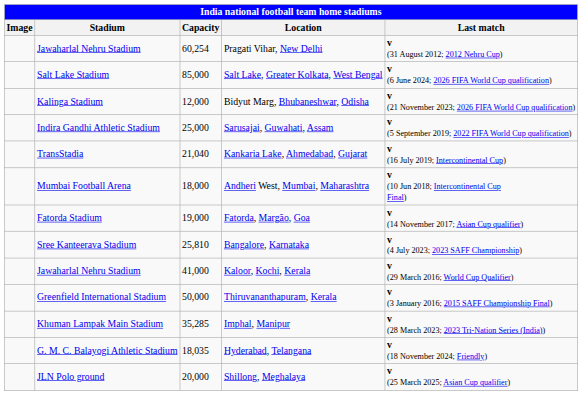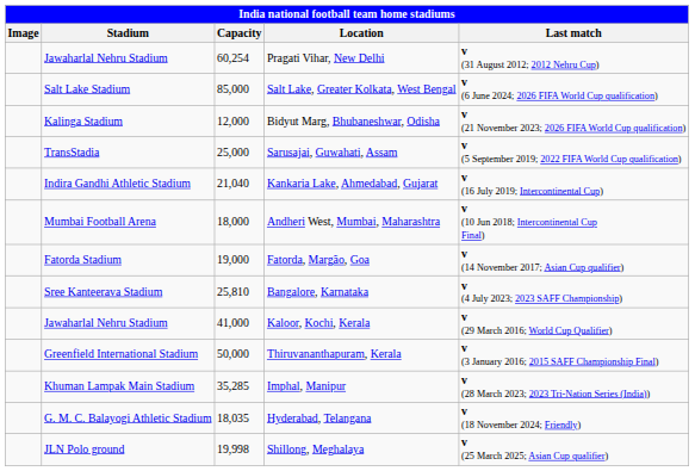 <table class="wikitable" style="text-align:center;font-size:100%;">
 <tr>
 <th colspan=5 style="background: #0000FF; color: #FFFFFF;">India national football team home stadiums</th>
 </tr>
 <tr>
 <th>Image</th>
 <th>Stadium</th>
 <th>Capacity</th>
 <th>Location</th>
 <th>Last match</th>
 </tr>
 <tr>
 <td></td>
 <td style="text-align:left"><a href='#'>Jawaharlal Nehru Stadium</a></td>
 <td style="text-align:left">60,254</td>
 <td style="text-align:left">Pragati Vihar, <a href='#'>New Delhi</a></td>
 <td style="text-align:left"><strong>v</strong>  <br><small>(31 August 2012; <a href='#'>2012 Nehru Cup</a>)</small></td>
 </tr>
 <tr>
 <td></td>
 <td style="text-align:left"><a href='#'>Salt Lake Stadium</a></td>
 <td style="text-align:left">85,000</td>
 <td style="text-align:left"><a href='#'>Salt Lake</a>, <a href='#'>Greater Kolkata</a>, <a href='#'>West Bengal</a></td>
 <td style="text-align:left"><strong>v</strong>  <br><small>(6 June 2024; <a href='#'>2026 FIFA World Cup qualification</a>)</small></td>
 </tr>
 <tr>
 <td></td>
 <td style="text-align:left"><a href='#'>Kalinga Stadium</a></td>
 <td style="text-align:left">12,000</td>
 <td style="text-align:left">Bidyut Marg, <a href='#'>Bhubaneshwar</a>, <a href='#'>Odisha</a></td>
 <td style="text-align:left"><strong>v</strong>  <br><small>(21 November 2023; <a href='#'>2026 FIFA World Cup qualification</a>)</small></td>
 </tr>
 <tr>
 <td></td>
-<td style="text-align:left"><a href='#'>Indira Gandhi Athletic Stadium</a></td>
+<td style="text-align:left"><a href='#'>TransStadia</a></td>
 <td style="text-align:left">25,000</td>
 <td style="text-align:left"><a href='#'>Sarusajai</a>, <a href='#'>Guwahati</a>, <a href='#'>Assam</a></td>
 <td style="text-align:left"><strong>v</strong>  <br><small>(5 September 2019; <a href='#'>2022 FIFA World Cup qualification</a>)</small></td>
 </tr>
 <tr>
 <td></td>
-<td style="text-align:left"><a href='#'>TransStadia</a></td>
+<td style="text-align:left"><a href='#'>Indira Gandhi Athletic Stadium</a></td>
 <td style="text-align:left">21,040</td>
 <td style="text-align:left"><a href='#'>Kankaria Lake</a>, <a href='#'>Ahmedabad</a>, <a href='#'>Gujarat</a></td>
 <td style="text-align:left"><strong>v</strong>  <br><small>(16 July 2019; <a href='#'>Intercontinental Cup</a>)</small></td>
 </tr>
 <tr>
 <td></td>
 <td style="text-align:left"><a href='#'>Mumbai Football Arena</a></td>
 <td style="text-align:left">18,000</td>
 <td style="text-align:left"><a href='#'>Andheri</a> West, <a href='#'>Mumbai</a>, <a href='#'>Maharashtra</a></td>
 <td style="text-align:left"><strong>v</strong>  <br><small>(10 Jun 2018; <a href='#'>Intercontinental Cup <br> Final</a>)</small></td>
 </tr>
 <tr>
 <td></td>
 <td style="text-align:left"><a href='#'>Fatorda Stadium</a></td>
 <td style="text-align:left">19,000</td>
 <td style="text-align:left"><a href='#'>Fatorda</a>, <a href='#'>Margão</a>, <a href='#'>Goa</a></td>
 <td style="text-align:left"><strong>v</strong>  <br><small>(14 November 2017; <a href='#'>Asian Cup qualifier</a>)</small></td>
 </tr>
 <tr>
 <td></td>
 <td style="text-align:left"><a href='#'>Sree Kanteerava Stadium</a></td>
 <td style="text-align:left">25,810</td>
 <td style="text-align:left"><a href='#'>Bangalore</a>, <a href='#'>Karnataka</a></td>
 <td style="text-align:left"><strong>v</strong>  <br><small>(4 July 2023; <a href='#'>2023 SAFF Championship</a>)</small></td>
 </tr>
 <tr>
 <td></td>
 <td style="text-align:left"><a href='#'>Jawaharlal Nehru Stadium</a></td>
 <td style="text-align:left">41,000</td>
 <td style="text-align:left"><a href='#'>Kaloor</a>, <a href='#'>Kochi</a>, <a href='#'>Kerala</a></td>
 <td style="text-align:left"><strong>v</strong>  <br><small>(29 March 2016; <a href='#'>World Cup Qualifier</a>)</small></td>
 </tr>
 <tr>
 <td></td>
 <td style="text-align:left"><a href='#'>Greenfield International Stadium</a></td>
 <td style="text-align:left">50,000</td>
 <td style="text-align:left"><a href='#'>Thiruvananthapuram</a>, <a href='#'>Kerala</a></td>
 <td style="text-align:left"><strong>v</strong>  <br><small>(3 January 2016; <a href='#'>2015 SAFF Championship Final</a>)</small></td>
 </tr>
 <tr>
 <td></td>
 <td style="text-align:left"><a href='#'>Khuman Lampak Main Stadium</a></td>
 <td style="text-align:left">35,285</td>
 <td style="text-align:left"><a href='#'>Imphal</a>, <a href='#'>Manipur</a></td>
 <td style="text-align:left"><strong>v</strong>  <br><small>(28 March 2023; <a href='#'>2023 Tri-Nation Series (India)</a>)</small></td>
 </tr>
 <tr>
 <td></td>
 <td style="text-align:left"><a href='#'>G. M. C. Balayogi Athletic Stadium</a></td>
 <td style="text-align:left">18,035</td>
 <td style="text-align:left"><a href='#'>Hyderabad</a>, <a href='#'>Telangana</a></td>
 <td style="text-align:left"><strong>v</strong>  <br><small>(18 November 2024; <a href='#'>Friendly</a>)</small></td>
 </tr>
 <tr>
 <td></td>
 <td style="text-align:left"><a href='#'>JLN Polo ground</a></td>
-<td style="text-align:left">20,000</td>
+<td style="text-align:left">19,998</td>
 <td style="text-align:left"><a href='#'>Shillong</a>, <a href='#'>Meghalaya</a></td>
 <td style="text-align:left"><strong>v</strong>  <br><small>(25 March 2025; <a href='#'>Asian Cup qualifier</a>)</small></td>
 </tr>
 </table>
